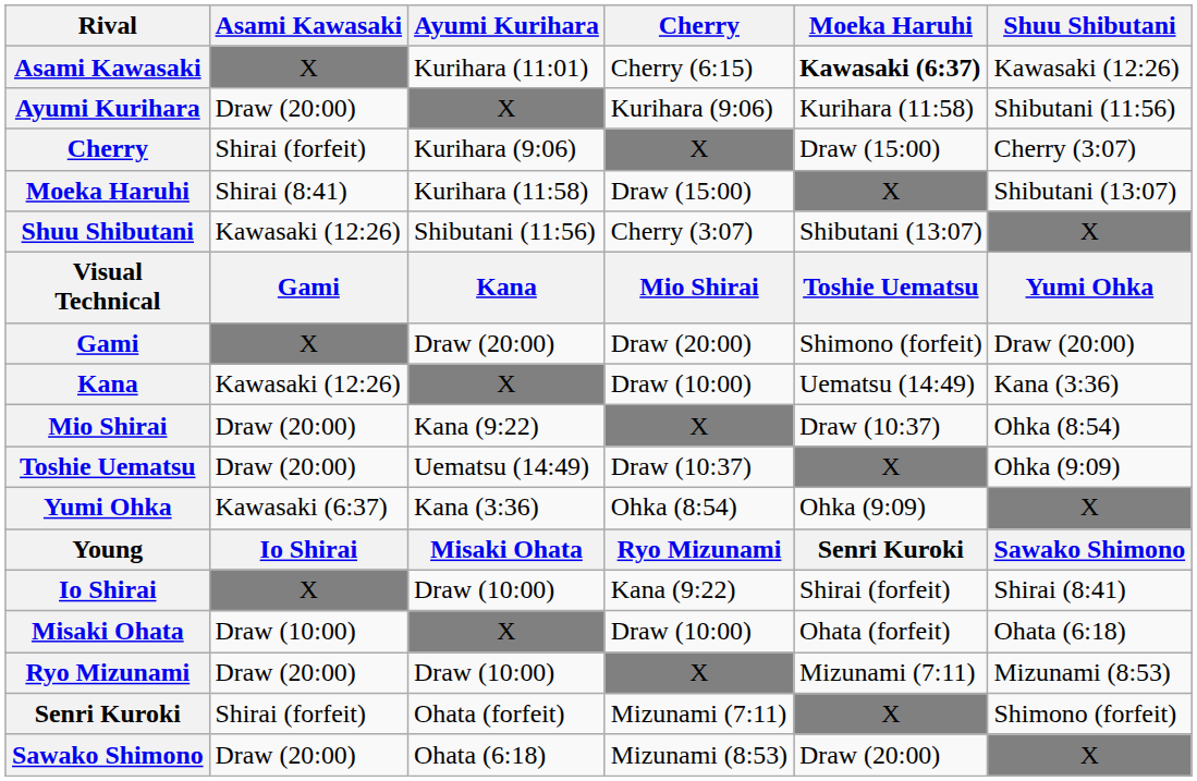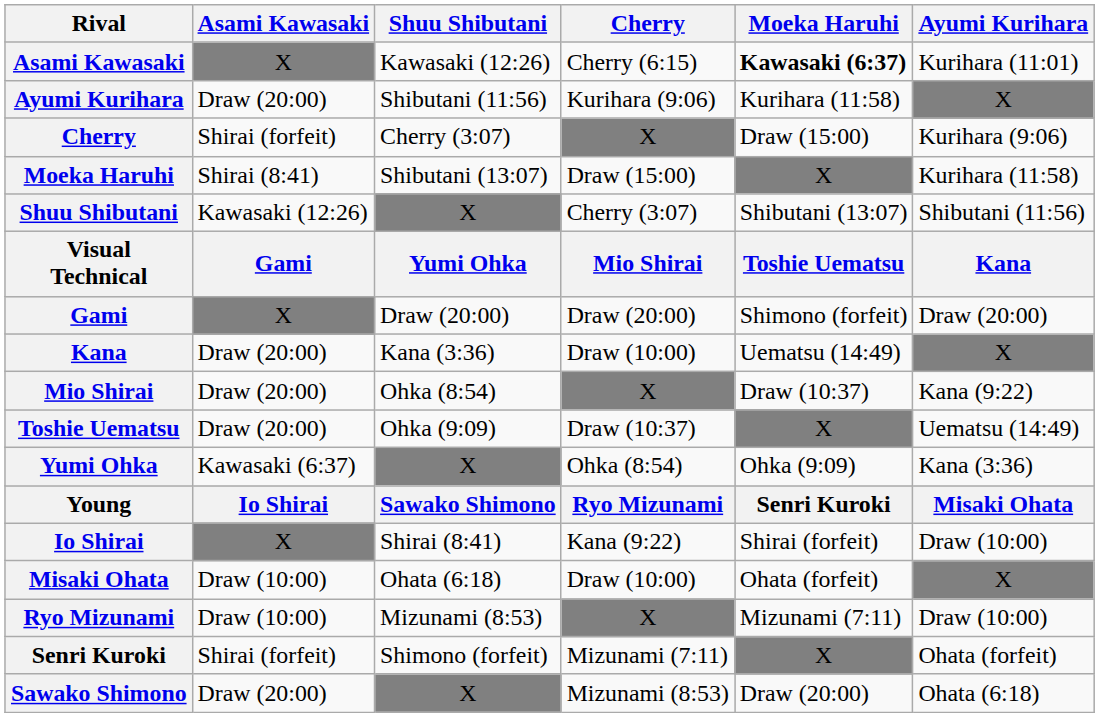 <table class="wikitable" align=center style="margin: 1em auto 1em auto">
 <tr>
 <th>Rival</th>
 <th><a href='#'>Asami Kawasaki</a></th>
-<th><a href='#'>Ayumi Kurihara</a></th>
+<th><a href='#'>Shuu Shibutani</a></th>
 <th><a href='#'>Cherry</a></th>
 <th><a href='#'>Moeka Haruhi</a></th>
-<th><a href='#'>Shuu Shibutani</a></th>
+<th><a href='#'>Ayumi Kurihara</a></th>
 </tr>
 <tr>
 <th><a href='#'>Asami Kawasaki</a></th>
 <td bgcolor=grey align="center">X</td>
-<td>Kurihara (11:01)</td>
+<td>Kawasaki (12:26)</td>
 <td>Cherry (6:15)</td>
 <td><strong>Kawasaki (6:37)</strong></td>
-<td>Kawasaki (12:26)</td>
+<td>Kurihara (11:01)</td>
 </tr>
 <tr>
 <th><a href='#'>Ayumi Kurihara</a></th>
 <td>Draw (20:00)</td>
-<td bgcolor=grey align="center">X</td>
+<td>Shibutani (11:56)</td>
 <td>Kurihara (9:06)</td>
 <td>Kurihara (11:58)</td>
-<td>Shibutani (11:56)</td>
+<td bgcolor=grey align="center">X</td>
 </tr>
 <tr>
 <th><a href='#'>Cherry</a></th>
 <td>Shirai (forfeit)</td>
-<td>Kurihara (9:06)</td>
+<td>Cherry (3:07)</td>
 <td bgcolor=grey align="center">X</td>
 <td>Draw (15:00)</td>
-<td>Cherry (3:07)</td>
+<td>Kurihara (9:06)</td>
 </tr>
 <tr>
 <th><a href='#'>Moeka Haruhi</a></th>
 <td>Shirai (8:41)</td>
-<td>Kurihara (11:58)</td>
+<td>Shibutani (13:07)</td>
 <td>Draw (15:00)</td>
 <td bgcolor=grey align="center">X</td>
-<td>Shibutani (13:07)</td>
+<td>Kurihara (11:58)</td>
 </tr>
 <tr>
 <th><a href='#'>Shuu Shibutani</a></th>
 <td>Kawasaki (12:26)</td>
-<td>Shibutani (11:56)</td>
+<td bgcolor=grey align="center">X</td>
 <td>Cherry (3:07)</td>
 <td>Shibutani (13:07)</td>
-<td bgcolor=grey align="center">X</td>
+<td>Shibutani (11:56)</td>
 </tr>
 <tr>
 <th>Visual<br>Technical</th>
 <th><a href='#'>Gami</a></th>
-<th><a href='#'>Kana</a></th>
+<th><a href='#'>Yumi Ohka</a></th>
 <th><a href='#'>Mio Shirai</a></th>
 <th><a href='#'>Toshie Uematsu</a></th>
-<th><a href='#'>Yumi Ohka</a></th>
+<th><a href='#'>Kana</a></th>
 </tr>
 <tr>
 <th><a href='#'>Gami</a></th>
 <td bgcolor=grey align="center">X</td>
 <td>Draw (20:00)</td>
 <td>Draw (20:00)</td>
 <td>Shimono (forfeit)</td>
 <td>Draw (20:00)</td>
 </tr>
 <tr>
 <th><a href='#'>Kana</a></th>
-<td>Kawasaki (12:26)</td>
-<td bgcolor=grey align="center">X</td>
+<td>Draw (20:00)</td>
+<td>Kana (3:36)</td>
 <td>Draw (10:00)</td>
 <td>Uematsu (14:49)</td>
-<td>Kana (3:36)</td>
+<td bgcolor=grey align="center">X</td>
 </tr>
 <tr>
 <th><a href='#'>Mio Shirai</a></th>
 <td>Draw (20:00)</td>
-<td>Kana (9:22)</td>
+<td>Ohka (8:54)</td>
 <td bgcolor=grey align="center">X</td>
 <td>Draw (10:37)</td>
-<td>Ohka (8:54)</td>
+<td>Kana (9:22)</td>
 </tr>
 <tr>
 <th><a href='#'>Toshie Uematsu</a></th>
 <td>Draw (20:00)</td>
-<td>Uematsu (14:49)</td>
+<td>Ohka (9:09)</td>
 <td>Draw (10:37)</td>
 <td bgcolor=grey align="center">X</td>
-<td>Ohka (9:09)</td>
+<td>Uematsu (14:49)</td>
 </tr>
 <tr>
 <th><a href='#'>Yumi Ohka</a></th>
 <td>Kawasaki (6:37)</td>
-<td>Kana (3:36)</td>
+<td bgcolor=grey align="center">X</td>
 <td>Ohka (8:54)</td>
 <td>Ohka (9:09)</td>
-<td bgcolor=grey align="center">X</td>
+<td>Kana (3:36)</td>
 </tr>
 <tr>
 <th>Young</th>
 <th><a href='#'>Io Shirai</a></th>
-<th><a href='#'>Misaki Ohata</a></th>
+<th><a href='#'>Sawako Shimono</a></th>
 <th><a href='#'>Ryo Mizunami</a></th>
 <th>Senri Kuroki</th>
-<th><a href='#'>Sawako Shimono</a></th>
+<th><a href='#'>Misaki Ohata</a></th>
 </tr>
 <tr>
 <th><a href='#'>Io Shirai</a></th>
 <td bgcolor=grey align="center">X</td>
-<td>Draw (10:00)</td>
+<td>Shirai (8:41)</td>
 <td>Kana (9:22)</td>
 <td>Shirai (forfeit)</td>
-<td>Shirai (8:41)</td>
+<td>Draw (10:00)</td>
 </tr>
 <tr>
 <th><a href='#'>Misaki Ohata</a></th>
 <td>Draw (10:00)</td>
-<td bgcolor=grey align="center">X</td>
+<td>Ohata (6:18)</td>
 <td>Draw (10:00)</td>
 <td>Ohata (forfeit)</td>
-<td>Ohata (6:18)</td>
+<td bgcolor=grey align="center">X</td>
 </tr>
 <tr>
 <th><a href='#'>Ryo Mizunami</a></th>
-<td>Draw (20:00)</td>
 <td>Draw (10:00)</td>
+<td>Mizunami (8:53)</td>
 <td bgcolor=grey align="center">X</td>
 <td>Mizunami (7:11)</td>
-<td>Mizunami (8:53)</td>
+<td>Draw (10:00)</td>
 </tr>
 <tr>
 <th>Senri Kuroki</th>
 <td>Shirai (forfeit)</td>
-<td>Ohata (forfeit)</td>
+<td>Shimono (forfeit)</td>
 <td>Mizunami (7:11)</td>
 <td bgcolor=grey align="center">X</td>
-<td>Shimono (forfeit)</td>
+<td>Ohata (forfeit)</td>
 </tr>
 <tr>
 <th><a href='#'>Sawako Shimono</a></th>
 <td>Draw (20:00)</td>
-<td>Ohata (6:18)</td>
+<td bgcolor=grey align="center">X</td>
 <td>Mizunami (8:53)</td>
 <td>Draw (20:00)</td>
-<td bgcolor=grey align="center">X</td>
+<td>Ohata (6:18)</td>
 </tr>
 </table>
